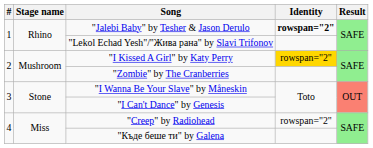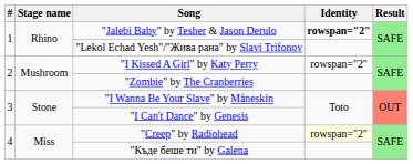 <table class="wikitable plainrowheaders" style="text-align: center;">
 <tr>
 <th>#</th>
 <th>Stage name</th>
 <th>Song</th>
 <th>Identity</th>
 <th>Result</th>
 </tr>
 <tr>
 <td rowspan="2">1</td>
 <td rowspan="2">Rhino</td>
 <td>"<a href='#'>Jalebi Baby</a>" by <a href='#'>Tesher</a> & <a href='#'>Jason Derulo</a></td>
 <td><strong>rowspan="2" </strong></td>
 <td rowspan="2" bgcolor="lightgreen">SAFE</td>
 </tr>
 <tr>
 <td>"Lekol Echad Yesh"/"Жива рана" by <a href='#'>Slavi Trifonov</a></td>
 </tr>
 <tr>
 <td rowspan="2">2</td>
 <td rowspan="2">Mushroom</td>
 <td>"<a href='#'>I Kissed A Girl</a>" by <a href='#'>Katy Perry</a></td>
-<td style="background: gold;">rowspan="2" </td>
+<td>rowspan="2" </td>
 <td rowspan="2" bgcolor="lightgreen">SAFE</td>
 </tr>
 <tr>
 <td>"<a href='#'>Zombie</a>" by <a href='#'>The Cranberries</a></td>
 </tr>
 <tr>
 <td rowspan="2">3</td>
 <td rowspan="2">Stone</td>
 <td>"<a href='#'>I Wanna Be Your Slave</a>" by <a href='#'>Måneskin</a></td>
 <td rowspan="2">Toto</td>
 <td rowspan="2" bgcolor=salmon>OUT</td>
 </tr>
 <tr>
 <td>"<a href='#'>I Can't Dance</a>" by <a href='#'>Genesis</a></td>
 </tr>
 <tr>
 <td rowspan="2">4</td>
 <td rowspan="2">Miss</td>
 <td>"<a href='#'>Creep</a>" by <a href='#'>Radiohead</a></td>
-<td>rowspan="2" </td>
+<td style="background: lightyellow;">rowspan="2" </td>
 <td rowspan="2" bgcolor="lightgreen">SAFE</td>
 </tr>
 <tr>
 <td>"Къде беше ти" by <a href='#'>Galena</a></td>
 </tr>
 </table>
